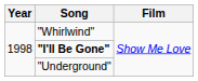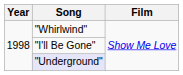 <table class="wikitable">
 <tr>
 <th>Year</th>
 <th>Song</th>
 <th>Film</th>
 </tr>
 <tr>
 <td rowspan="3">1998</td>
 <td>"Whirlwind"</td>
 <td rowspan="3"><em><a href='#'>Show Me Love</a></em></td>
 </tr>
 <tr>
-<td><strong>"I'll Be Gone"</strong></td>
+<td>"I'll Be Gone"</td>
 </tr>
 <tr>
-<td>"Underground"</td>
+<td style="background: lavender;">"Underground"</td>
 </tr>
 </table>
